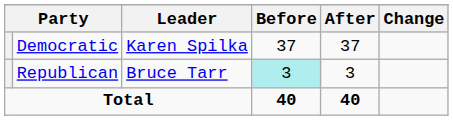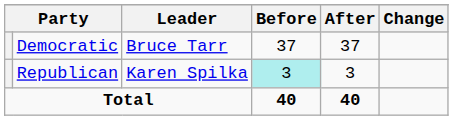 <table class="wikitable" style="text-align:center;">
 <tr>
 </tr>
 <tr>
 <th colspan=2>Party</th>
 <th>Leader</th>
 <th style="width:3em">Before</th>
 <th style="width:3em">After</th>
 <th style="width:3em">Change</th>
 </tr>
 <tr>
 <th style="background-color:"></th>
 <td style="text-align:left;"><a href='#'>Democratic</a></td>
-<td style="text-align:left;"><a href='#'>Karen Spilka</a></td>
+<td style="text-align:left;"><a href='#'>Bruce Tarr</a></td>
 <td>37</td>
 <td>37</td>
 <td></td>
 </tr>
 <tr>
 <th style="background-color:"></th>
 <td style="text-align:left;"><a href='#'>Republican</a></td>
-<td style="text-align:left;"><a href='#'>Bruce Tarr</a></td>
+<td style="text-align:left;"><a href='#'>Karen Spilka</a></td>
 <td style="background: paleturquoise;">3</td>
 <td>3</td>
 <td></td>
 </tr>
 <tr>
 <td colspan=3><strong>Total</strong></td>
 <td><strong>40</strong></td>
 <td><strong>40</strong></td>
 <td></td>
 </tr>
 </table>
